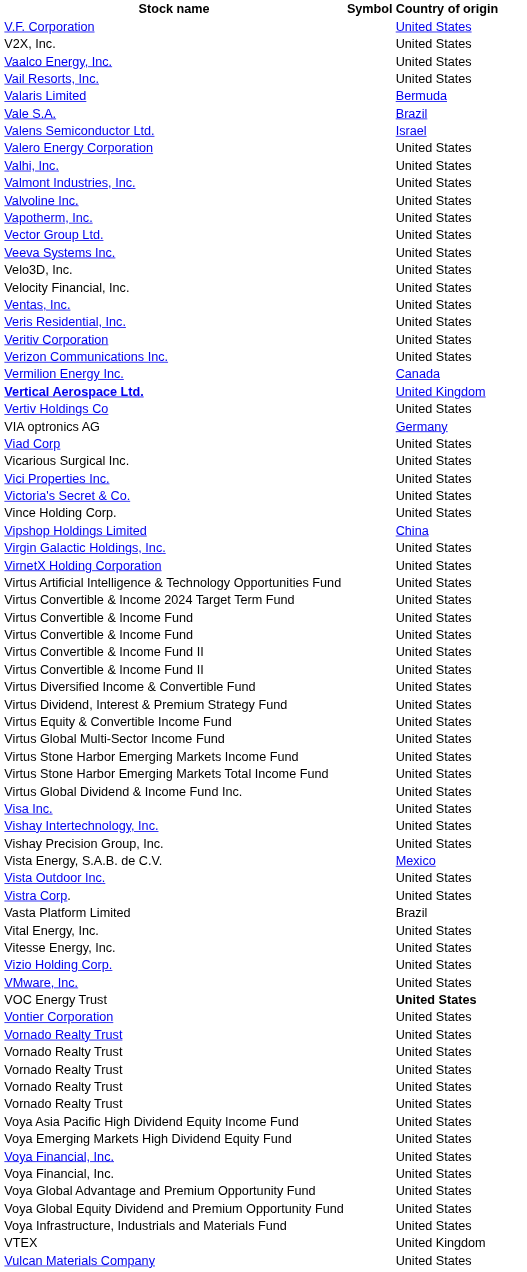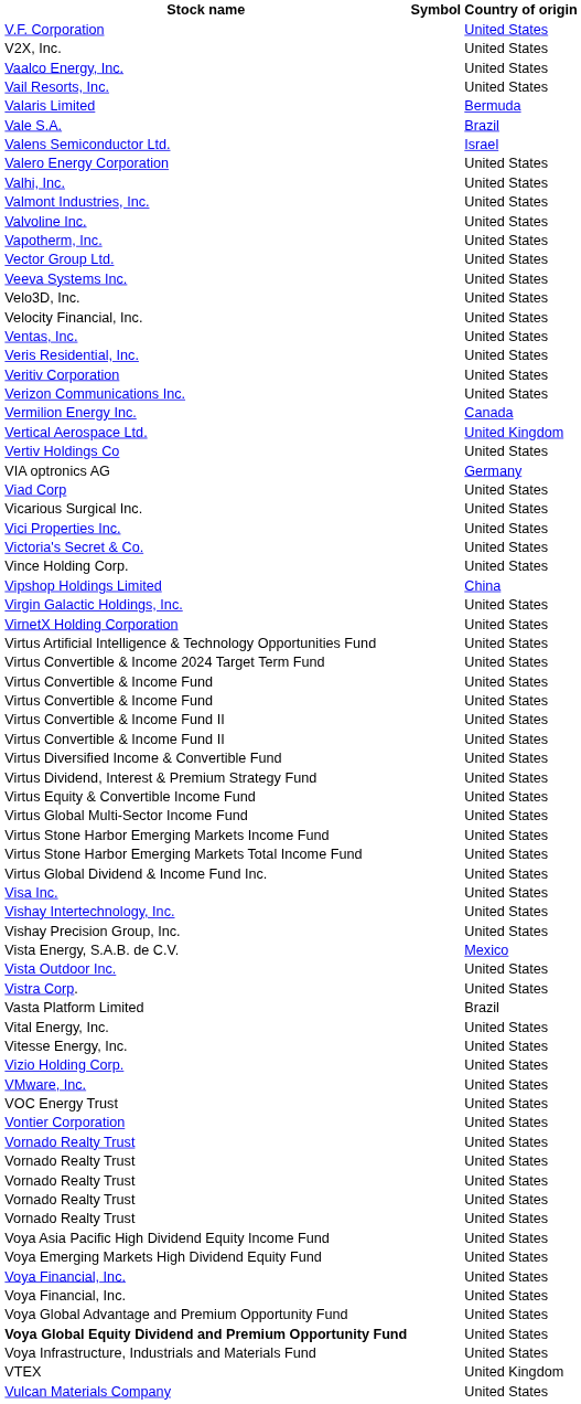 <table style="background:transparent;">
 <tr>
 <th>Stock name</th>
 <th>Symbol</th>
 <th>Country of origin</th>
 </tr>
 <tr --->
 <td><a href='#'>V.F. Corporation</a></td>
 <td></td>
 <td><a href='#'>United States</a></td>
 </tr>
 <tr --->
 <td>V2X, Inc.</td>
 <td></td>
 <td>United States</td>
 </tr>
 <tr --->
 <td><a href='#'>Vaalco Energy, Inc.</a></td>
 <td></td>
 <td>United States</td>
 </tr>
 <tr --->
 <td><a href='#'>Vail Resorts, Inc.</a></td>
 <td></td>
 <td>United States</td>
 </tr>
 <tr --->
 <td><a href='#'>Valaris Limited</a></td>
 <td></td>
 <td><a href='#'>Bermuda</a></td>
 </tr>
 <tr --->
 <td><a href='#'>Vale S.A.</a></td>
 <td></td>
 <td><a href='#'>Brazil</a></td>
 </tr>
 <tr --->
 <td><a href='#'>Valens Semiconductor Ltd.</a></td>
 <td></td>
 <td><a href='#'>Israel</a></td>
 </tr>
 <tr --->
 <td><a href='#'>Valero Energy Corporation</a></td>
 <td></td>
 <td>United States</td>
 </tr>
 <tr --->
 <td><a href='#'>Valhi, Inc.</a></td>
 <td></td>
 <td>United States</td>
 </tr>
 <tr --->
 <td><a href='#'>Valmont Industries, Inc.</a></td>
 <td></td>
 <td>United States</td>
 </tr>
 <tr --->
 <td><a href='#'>Valvoline Inc.</a></td>
 <td></td>
 <td>United States</td>
 </tr>
 <tr --->
 <td><a href='#'>Vapotherm, Inc.</a></td>
 <td></td>
 <td>United States</td>
 </tr>
 <tr --->
 <td><a href='#'>Vector Group Ltd.</a></td>
 <td></td>
 <td>United States</td>
 </tr>
 <tr --->
 <td><a href='#'>Veeva Systems Inc.</a></td>
 <td></td>
 <td>United States</td>
 </tr>
 <tr --->
 <td>Velo3D, Inc.</td>
 <td></td>
 <td>United States</td>
 </tr>
 <tr --->
 <td>Velocity Financial, Inc.</td>
 <td></td>
 <td>United States</td>
 </tr>
 <tr --->
 <td><a href='#'>Ventas, Inc.</a></td>
 <td></td>
 <td>United States</td>
 </tr>
 <tr --->
 <td><a href='#'>Veris Residential, Inc.</a></td>
 <td></td>
 <td>United States</td>
 </tr>
 <tr --->
 <td><a href='#'>Veritiv Corporation</a></td>
 <td></td>
 <td>United States</td>
 </tr>
 <tr --->
 <td><a href='#'>Verizon Communications Inc.</a></td>
 <td></td>
 <td>United States</td>
 </tr>
 <tr --->
 <td><a href='#'>Vermilion Energy Inc.</a></td>
 <td></td>
 <td><a href='#'>Canada</a></td>
 </tr>
 <tr --->
-<td><strong><a href='#'>Vertical Aerospace Ltd.</a></strong></td>
+<td><a href='#'>Vertical Aerospace Ltd.</a></td>
 <td></td>
 <td><a href='#'>United Kingdom</a></td>
 </tr>
 <tr --->
 <td><a href='#'>Vertiv Holdings Co</a></td>
 <td></td>
 <td>United States</td>
 </tr>
 <tr --->
 <td>VIA optronics AG</td>
 <td></td>
 <td><a href='#'>Germany</a></td>
 </tr>
 <tr --->
 <td><a href='#'>Viad Corp</a></td>
 <td></td>
 <td>United States</td>
 </tr>
 <tr --->
 <td>Vicarious Surgical Inc.</td>
 <td></td>
 <td>United States</td>
 </tr>
 <tr --->
 <td><a href='#'>Vici Properties Inc.</a></td>
 <td></td>
 <td>United States</td>
 </tr>
 <tr --->
 <td><a href='#'>Victoria's Secret & Co.</a></td>
 <td></td>
 <td>United States</td>
 </tr>
 <tr --->
 <td>Vince Holding Corp.</td>
 <td></td>
 <td>United States</td>
 </tr>
 <tr --->
 <td><a href='#'>Vipshop Holdings Limited</a></td>
 <td></td>
 <td><a href='#'>China</a></td>
 </tr>
 <tr --->
 <td><a href='#'>Virgin Galactic Holdings, Inc.</a></td>
 <td></td>
 <td>United States</td>
 </tr>
 <tr --->
 <td><a href='#'>VirnetX Holding Corporation</a></td>
 <td></td>
 <td>United States</td>
 </tr>
 <tr --->
 <td>Virtus Artificial Intelligence & Technology Opportunities Fund</td>
 <td></td>
 <td>United States</td>
 </tr>
 <tr --->
 <td>Virtus Convertible & Income 2024 Target Term Fund</td>
 <td></td>
 <td>United States</td>
 </tr>
 <tr --->
 <td>Virtus Convertible & Income Fund</td>
 <td></td>
 <td>United States</td>
 </tr>
 <tr --->
 <td>Virtus Convertible & Income Fund</td>
 <td></td>
 <td>United States</td>
 </tr>
 <tr --->
 <td>Virtus Convertible & Income Fund II</td>
 <td></td>
 <td>United States</td>
 </tr>
 <tr --->
 <td>Virtus Convertible & Income Fund II</td>
 <td></td>
 <td>United States</td>
 </tr>
 <tr --->
 <td>Virtus Diversified Income & Convertible Fund</td>
 <td></td>
 <td>United States</td>
 </tr>
 <tr --->
 <td>Virtus Dividend, Interest & Premium Strategy Fund</td>
 <td></td>
 <td>United States</td>
 </tr>
 <tr --->
 <td>Virtus Equity & Convertible Income Fund</td>
 <td></td>
 <td>United States</td>
 </tr>
 <tr --->
 <td>Virtus Global Multi-Sector Income Fund</td>
 <td></td>
 <td>United States</td>
 </tr>
 <tr --->
 <td>Virtus Stone Harbor Emerging Markets Income Fund</td>
 <td></td>
 <td>United States</td>
 </tr>
 <tr --->
 <td>Virtus Stone Harbor Emerging Markets Total Income Fund</td>
 <td></td>
 <td>United States</td>
 </tr>
 <tr --->
 <td>Virtus Global Dividend & Income Fund Inc.</td>
 <td></td>
 <td>United States</td>
 </tr>
 <tr --->
 <td><a href='#'>Visa Inc.</a></td>
 <td></td>
 <td>United States</td>
 </tr>
 <tr --->
 <td><a href='#'>Vishay Intertechnology, Inc.</a></td>
 <td></td>
 <td>United States</td>
 </tr>
 <tr --->
 <td>Vishay Precision Group, Inc.</td>
 <td></td>
 <td>United States</td>
 </tr>
 <tr --->
 <td>Vista Energy, S.A.B. de C.V.</td>
 <td></td>
 <td><a href='#'>Mexico</a></td>
 </tr>
 <tr --->
 <td><a href='#'>Vista Outdoor Inc.</a></td>
 <td></td>
 <td>United States</td>
 </tr>
 <tr --->
 <td><a href='#'>Vistra Corp</a>.</td>
 <td></td>
 <td>United States</td>
 </tr>
 <tr --->
 <td>Vasta Platform Limited</td>
 <td></td>
 <td>Brazil</td>
 </tr>
 <tr --->
 <td>Vital Energy, Inc.</td>
 <td></td>
 <td>United States</td>
 </tr>
 <tr --->
 <td>Vitesse Energy, Inc.</td>
 <td></td>
 <td>United States</td>
 </tr>
 <tr --->
 <td><a href='#'>Vizio Holding Corp.</a></td>
 <td></td>
 <td>United States</td>
 </tr>
 <tr --->
 <td><a href='#'>VMware, Inc.</a></td>
 <td></td>
 <td>United States</td>
 </tr>
 <tr --->
 <td>VOC Energy Trust</td>
 <td></td>
-<td><strong>United States</strong></td>
+<td>United States</td>
 </tr>
 <tr --->
 <td><a href='#'>Vontier Corporation</a></td>
 <td></td>
 <td>United States</td>
 </tr>
 <tr --->
 <td><a href='#'>Vornado Realty Trust</a></td>
 <td></td>
 <td>United States</td>
 </tr>
 <tr --->
 <td>Vornado Realty Trust</td>
 <td></td>
 <td>United States</td>
 </tr>
 <tr --->
 <td>Vornado Realty Trust</td>
 <td></td>
 <td>United States</td>
 </tr>
 <tr --->
 <td>Vornado Realty Trust</td>
 <td></td>
 <td>United States</td>
 </tr>
 <tr --->
 <td>Vornado Realty Trust</td>
 <td></td>
 <td>United States</td>
 </tr>
 <tr --->
 <td>Voya Asia Pacific High Dividend Equity Income Fund</td>
 <td></td>
 <td>United States</td>
 </tr>
 <tr --->
 <td>Voya Emerging Markets High Dividend Equity Fund</td>
 <td></td>
 <td>United States</td>
 </tr>
 <tr --->
 <td><a href='#'>Voya Financial, Inc.</a></td>
 <td></td>
 <td>United States</td>
 </tr>
 <tr --->
 <td>Voya Financial, Inc.</td>
 <td></td>
 <td>United States</td>
 </tr>
 <tr --->
 <td>Voya Global Advantage and Premium Opportunity Fund</td>
 <td></td>
 <td>United States</td>
 </tr>
 <tr --->
-<td>Voya Global Equity Dividend and Premium Opportunity Fund</td>
+<td><strong>Voya Global Equity Dividend and Premium Opportunity Fund</strong></td>
 <td></td>
 <td>United States</td>
 </tr>
 <tr --->
 <td>Voya Infrastructure, Industrials and Materials Fund</td>
 <td></td>
 <td>United States</td>
 </tr>
 <tr --->
 <td>VTEX</td>
 <td></td>
 <td>United Kingdom</td>
 </tr>
 <tr --->
 <td><a href='#'>Vulcan Materials Company</a></td>
 <td></td>
 <td>United States</td>
 </tr>
 <tr --->
 </tr>
 </table>
